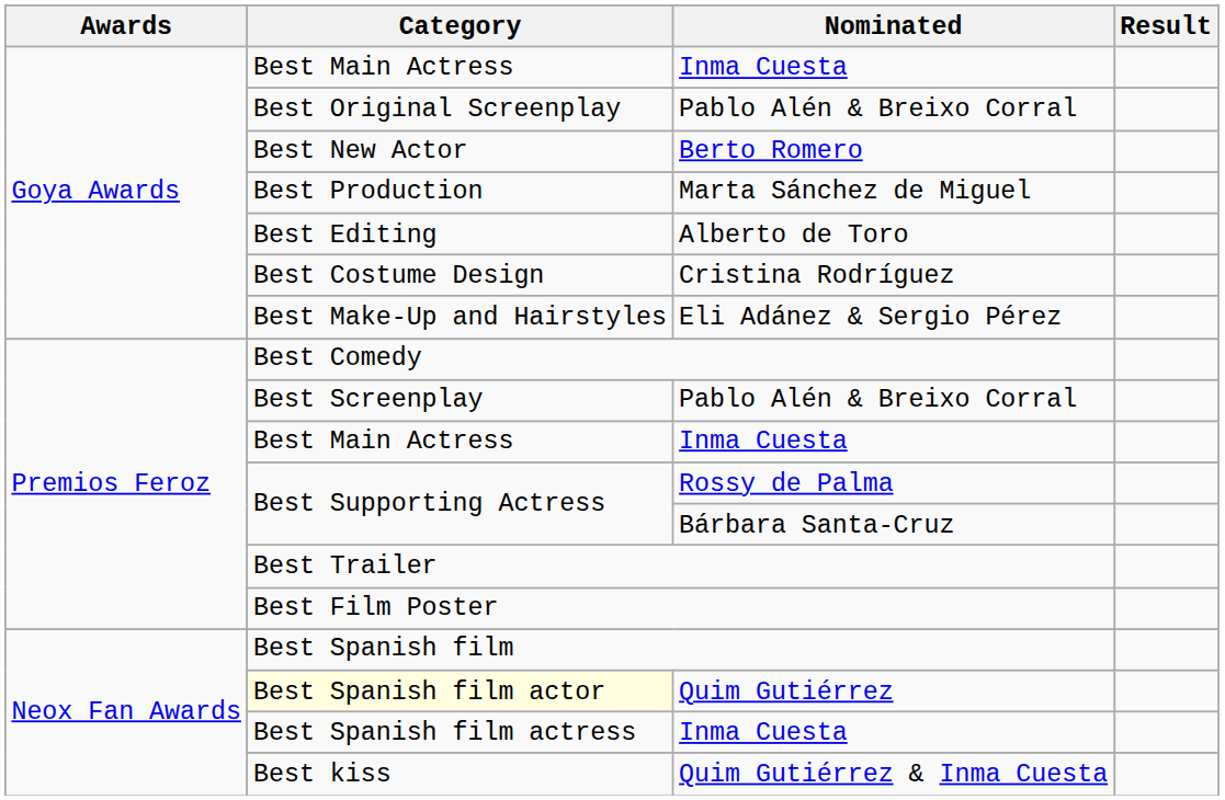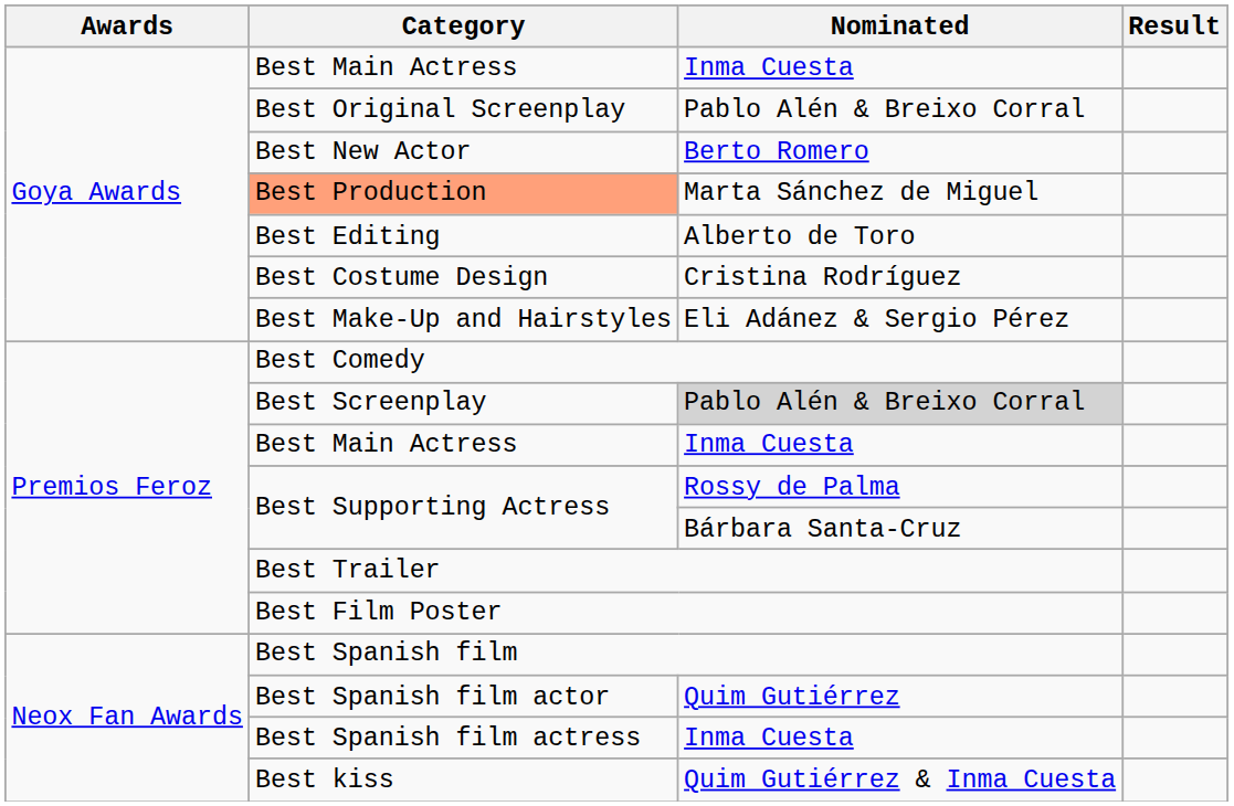 <table class="wikitable">
 <tr>
 <th>Awards</th>
 <th>Category</th>
 <th>Nominated</th>
 <th>Result</th>
 </tr>
 <tr>
 <td rowspan="7"><a href='#'>Goya Awards</a></td>
 <td>Best Main Actress</td>
 <td><a href='#'>Inma Cuesta</a></td>
 <td></td>
 </tr>
 <tr>
 <td>Best Original Screenplay</td>
 <td>Pablo Alén & Breixo Corral</td>
 <td></td>
 </tr>
 <tr>
 <td>Best New Actor</td>
 <td><a href='#'>Berto Romero</a></td>
 <td></td>
 </tr>
 <tr>
-<td>Best Production</td>
+<td style="background: lightsalmon;">Best Production</td>
 <td>Marta Sánchez de Miguel</td>
 <td></td>
 </tr>
 <tr>
 <td>Best Editing</td>
 <td>Alberto de Toro</td>
 <td></td>
 </tr>
 <tr>
 <td>Best Costume Design</td>
 <td>Cristina Rodríguez</td>
 <td></td>
 </tr>
 <tr>
 <td>Best Make-Up and Hairstyles</td>
 <td>Eli Adánez & Sergio Pérez</td>
 <td></td>
 </tr>
 <tr>
 <td rowspan="7"><a href='#'>Premios Feroz</a></td>
 <td colspan="2">Best Comedy</td>
 <td></td>
 </tr>
 <tr>
 <td>Best Screenplay</td>
-<td>Pablo Alén & Breixo Corral</td>
+<td style="background: lightgrey;">Pablo Alén & Breixo Corral</td>
 <td></td>
 </tr>
 <tr>
 <td>Best Main Actress</td>
 <td><a href='#'>Inma Cuesta</a></td>
 <td></td>
 </tr>
 <tr>
 <td rowspan="2">Best Supporting Actress</td>
 <td><a href='#'>Rossy de Palma</a></td>
 <td></td>
 </tr>
 <tr>
 <td>Bárbara Santa-Cruz</td>
 <td></td>
 </tr>
 <tr>
 <td colspan="2">Best Trailer</td>
 <td></td>
 </tr>
 <tr>
 <td colspan="2">Best Film Poster</td>
 <td></td>
 </tr>
 <tr>
 <td rowspan="4"><a href='#'>Neox Fan Awards</a></td>
 <td colspan="2">Best Spanish film</td>
 <td></td>
 </tr>
 <tr>
-<td style="background: lightyellow;">Best Spanish film actor</td>
+<td>Best Spanish film actor</td>
 <td><a href='#'>Quim Gutiérrez</a></td>
 <td></td>
 </tr>
 <tr>
 <td>Best Spanish film actress</td>
 <td><a href='#'>Inma Cuesta</a></td>
 <td></td>
 </tr>
 <tr>
 <td>Best kiss</td>
 <td><a href='#'>Quim Gutiérrez</a> & <a href='#'>Inma Cuesta</a></td>
 <td></td>
 </tr>
 </table>
